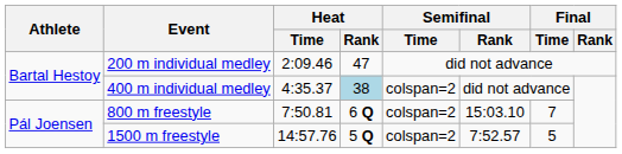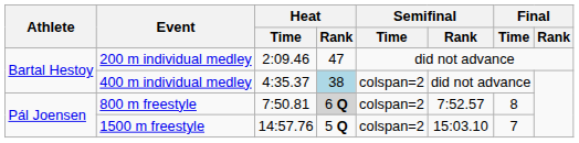 <table class=wikitable style="font-size:90%">
 <tr>
 <th rowspan="2">Athlete</th>
 <th rowspan="2">Event</th>
 <th colspan="2">Heat</th>
 <th colspan="2">Semifinal</th>
 <th colspan="2">Final</th>
 </tr>
 <tr style="font-size:95%">
 <th>Time</th>
 <th>Rank</th>
 <th>Time</th>
 <th>Rank</th>
 <th>Time</th>
 <th>Rank</th>
 </tr>
 <tr align=center>
 <td align=left rowspan=2><a href='#'>Bartal Hestoy</a></td>
 <td align=left><a href='#'>200 m individual medley</a></td>
 <td>2:09.46</td>
 <td>47</td>
 <td colspan=4>did not advance</td>
 </tr>
 <tr align=center>
 <td align=left><a href='#'>400 m individual medley</a></td>
 <td>4:35.37</td>
 <td style="background: lightblue;">38</td>
 <td>colspan=2 </td>
 <td colspan=2>did not advance</td>
 </tr>
 <tr align=center>
 <td align=left rowspan=2><a href='#'>Pál Joensen</a></td>
 <td align=left><a href='#'>800 m freestyle</a></td>
 <td>7:50.81</td>
-<td>6 <strong>Q</strong></td>
+<td style="background: lightgrey;">6 <strong>Q</strong></td>
 <td>colspan=2 </td>
-<td>15:03.10</td>
-<td>7</td>
+<td>7:52.57</td>
+<td>8</td>
 </tr>
 <tr align=center>
 <td align=left><a href='#'>1500 m freestyle</a></td>
 <td>14:57.76</td>
 <td>5 <strong>Q</strong></td>
 <td>colspan=2 </td>
-<td>7:52.57</td>
-<td>5</td>
+<td>15:03.10</td>
+<td>7</td>
 </tr>
 </table>
